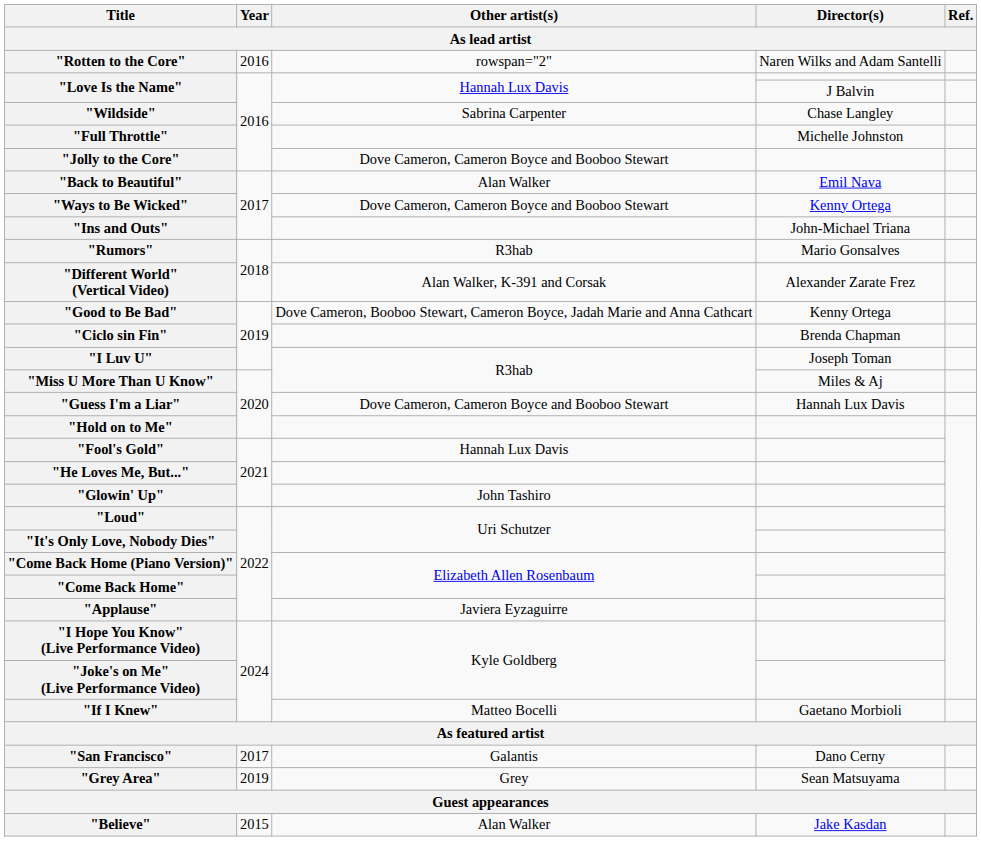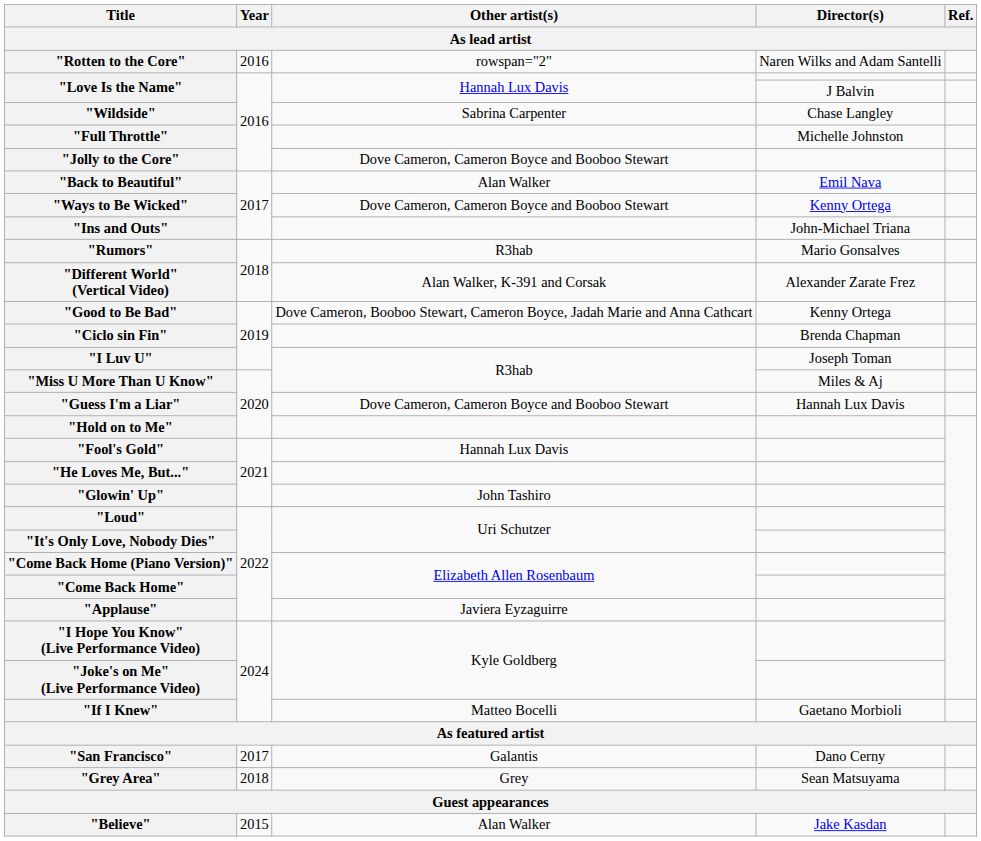 <table class="wikitable plainrowheaders" style="text-align:center;" border="1">
 <tr>
 <th>Title</th>
 <th>Year</th>
 <th>Other artist(s)</th>
 <th>Director(s)</th>
 <th>Ref.</th>
 </tr>
 <tr>
 <th colspan="5">As lead artist</th>
 </tr>
 <tr>
 <th scope="row">"Rotten to the Core"</th>
 <td>2016</td>
 <td>rowspan="2" </td>
 <td>Naren Wilks and Adam Santelli</td>
 <td></td>
 </tr>
 <tr>
 <th rowspan="2" scope="row">"Love Is the Name"</th>
 <td rowspan="5">2016</td>
 <td rowspan="2"><a href='#'>Hannah Lux Davis</a></td>
 <td></td>
 </tr>
 <tr>
 <td>J Balvin</td>
 <td></td>
 </tr>
 <tr>
 <th scope="row">"Wildside"</th>
 <td>Sabrina Carpenter</td>
 <td>Chase Langley</td>
 <td></td>
 </tr>
 <tr Also available on YouTube>
 <th scope="row">"Full Throttle"</th>
 <td></td>
 <td>Michelle Johnston</td>
 <td></td>
 </tr>
 <tr>
 <th scope="row">"Jolly to the Core"</th>
 <td>Dove Cameron, Cameron Boyce and Booboo Stewart</td>
 <td></td>
 <td></td>
 </tr>
 <tr>
 <th scope="row">"Back to Beautiful"</th>
 <td rowspan="3">2017</td>
 <td>Alan Walker</td>
 <td><a href='#'>Emil Nava</a></td>
 <td></td>
 </tr>
 <tr>
 <th scope="row">"Ways to Be Wicked"</th>
 <td>Dove Cameron, Cameron Boyce and Booboo Stewart</td>
 <td><a href='#'>Kenny Ortega</a></td>
 <td></td>
 </tr>
 <tr>
 <th scope="row">"Ins and Outs"</th>
 <td></td>
 <td>John-Michael Triana</td>
 <td></td>
 </tr>
 <tr>
 <th scope="row">"Rumors"</th>
 <td rowspan="2">2018</td>
 <td>R3hab</td>
 <td>Mario Gonsalves</td>
 <td></td>
 </tr>
 <tr>
 <th scope="row">"Different World"<br>(Vertical Video)</th>
 <td>Alan Walker, K-391 and Corsak</td>
 <td>Alexander Zarate Frez</td>
 <td></td>
 </tr>
 <tr>
 <th scope="row">"Good to Be Bad"</th>
 <td rowspan="3">2019</td>
 <td>Dove Cameron, Booboo Stewart, Cameron Boyce, Jadah Marie and Anna Cathcart</td>
 <td>Kenny Ortega</td>
 <td></td>
 </tr>
 <tr>
 <th scope="row">"Ciclo sin Fin"</th>
 <td></td>
 <td>Brenda Chapman</td>
 <td></td>
 </tr>
 <tr>
 <th scope="row">"I Luv U"</th>
 <td rowspan="2">R3hab</td>
 <td>Joseph Toman</td>
 <td></td>
 </tr>
 <tr>
 <th scope="row">"Miss U More Than U Know"</th>
 <td rowspan="3">2020</td>
 <td>Miles & Aj</td>
 <td></td>
 </tr>
 <tr>
 <th scope="row">"Guess I'm a Liar"</th>
 <td>Dove Cameron, Cameron Boyce and Booboo Stewart</td>
 <td>Hannah Lux Davis</td>
 <td></td>
 </tr>
 <tr>
 <th scope="row">"Hold on to Me"</th>
 <td></td>
 <td></td>
 </tr>
 <tr>
 <th scope="row">"Fool's Gold"</th>
 <td rowspan="3">2021</td>
 <td>Hannah Lux Davis</td>
 <td></td>
 </tr>
 <tr>
 <th scope="row">"He Loves Me, But..."</th>
 <td></td>
 <td></td>
 </tr>
 <tr>
 <th scope="row">"Glowin' Up"</th>
 <td>John Tashiro</td>
 <td></td>
 </tr>
 <tr>
 <th scope="row">"Loud"</th>
 <td rowspan="5">2022</td>
 <td rowspan="2">Uri Schutzer</td>
 <td></td>
 </tr>
 <tr>
 <th scope="row">"It's Only Love, Nobody Dies"</th>
 <td></td>
 </tr>
 <tr>
 <th scope="row">"Come Back Home (Piano Version)"</th>
 <td rowspan="2"><a href='#'>Elizabeth Allen Rosenbaum</a></td>
 <td></td>
 </tr>
 <tr>
 <th scope="row">"Come Back Home"</th>
 <td></td>
 </tr>
 <tr>
 <th scope="row">"Applause"</th>
 <td>Javiera Eyzaguirre</td>
 <td></td>
 </tr>
 <tr>
 <th scope="row">"I Hope You Know"<br>(Live Performance Video)</th>
 <td rowspan="3">2024</td>
 <td rowspan="2">Kyle Goldberg</td>
 <td></td>
 </tr>
 <tr>
 <th scope="row">"Joke's on Me"<br>(Live Performance Video)</th>
 <td></td>
 </tr>
 <tr>
 <th scope="row">"If I Knew"</th>
 <td>Matteo Bocelli</td>
 <td>Gaetano Morbioli</td>
 <td></td>
 </tr>
 <tr>
 <th colspan="5">As featured artist</th>
 </tr>
 <tr>
 <th scope="row">"San Francisco"</th>
 <td>2017</td>
 <td>Galantis</td>
 <td>Dano Cerny</td>
 <td></td>
 </tr>
 <tr>
 <th scope="row">"Grey Area"</th>
-<td>2019</td>
+<td>2018</td>
 <td>Grey</td>
 <td>Sean Matsuyama</td>
 <td></td>
 </tr>
 <tr>
 <th colspan="5">Guest appearances</th>
 </tr>
 <tr>
 <th scope="row">"Believe"</th>
 <td>2015</td>
 <td>Alan Walker</td>
 <td><a href='#'>Jake Kasdan</a></td>
 <td></td>
 </tr>
 </table>
